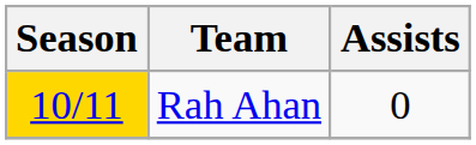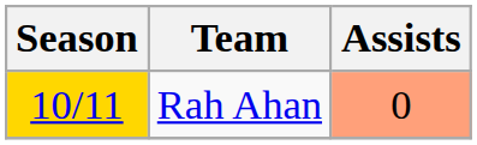 <table class="wikitable" style="text-align: center;">
 <tr>
 <th>Season</th>
 <th>Team</th>
 <th>Assists</th>
 </tr>
 <tr>
 <td style="background: gold;"><a href='#'>10/11</a></td>
 <td align="left"><a href='#'>Rah Ahan</a></td>
-<td>0</td>
+<td style="background: lightsalmon;">0</td>
 </tr>
 <tr>
 </tr>
 </table>
